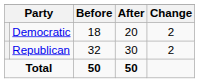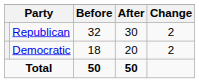 <table class="wikitable" style="text-align:center;">
 <tr>
 </tr>
 <tr>
 <th colspan=2>Party</th>
 <th>Before</th>
 <th>After</th>
 <th>Change</th>
 </tr>
 <tr>
 <th style="background-color:"></th>
-<td style="text-align:left;"><a href='#'>Democratic</a></td>
-<td>18</td>
-<td>20</td>
+<td style="text-align:left;"><a href='#'>Republican</a></td>
+<td>32</td>
+<td>30</td>
 <td> 2</td>
 </tr>
 <tr>
 <th style="background-color:"></th>
-<td style="text-align:left;"><a href='#'>Republican</a></td>
-<td>32</td>
-<td>30</td>
+<td style="text-align:left;"><a href='#'>Democratic</a></td>
+<td>18</td>
+<td>20</td>
 <td> 2</td>
 </tr>
 <tr>
 <td colspan=2><strong>Total</strong></td>
 <td><strong>50</strong></td>
 <td><strong>50</strong></td>
 <td></td>
 </tr>
 </table>
